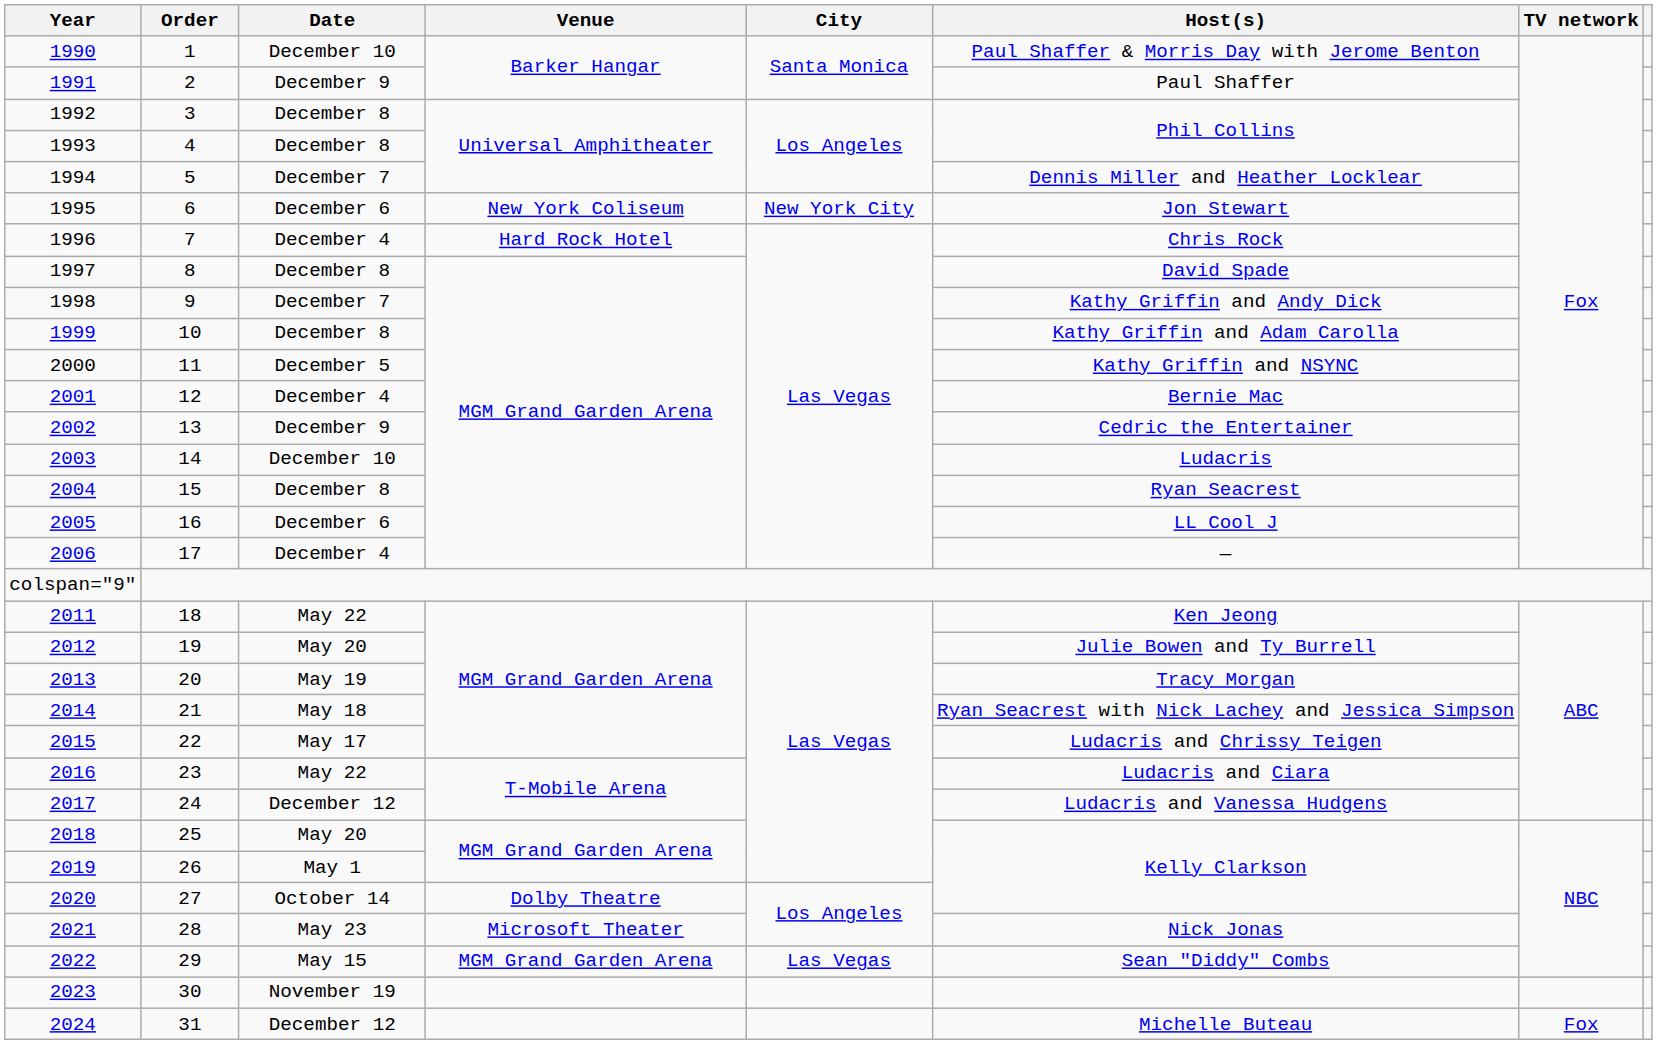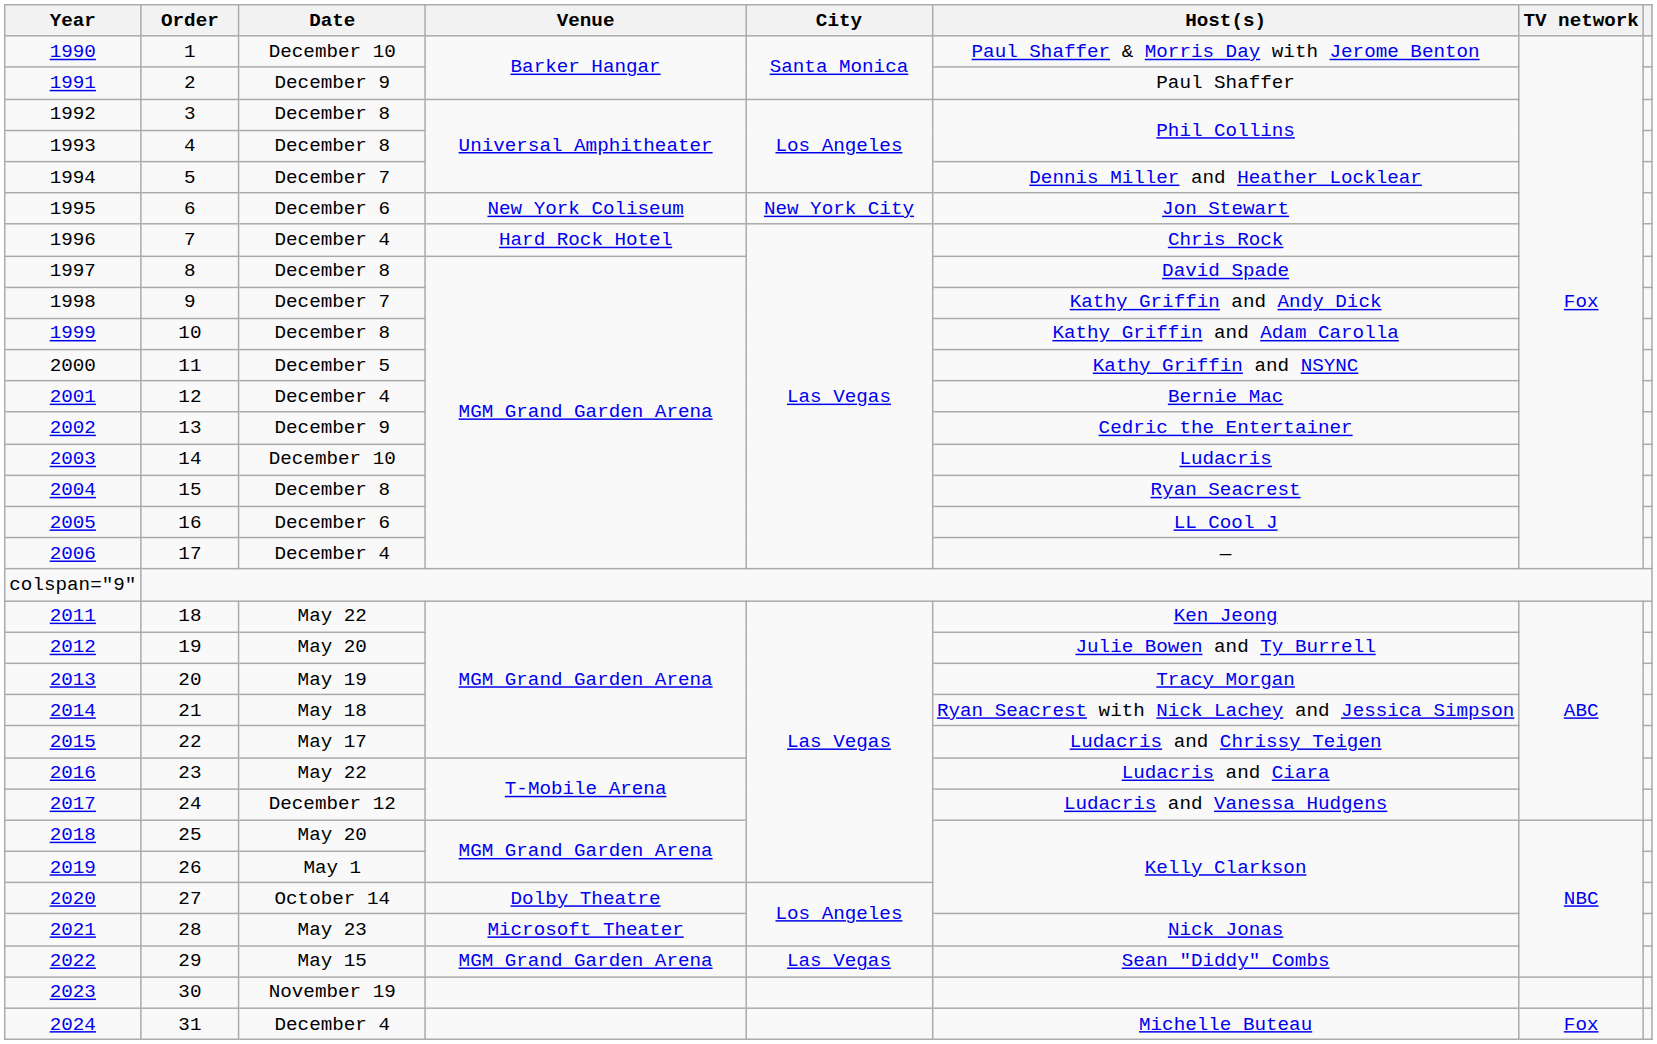 <table class="wikitable" style="text-align:center">
 <tr>
 <th width=60>Year</th>
 <th width=60>Order</th>
 <th width=120>Date</th>
 <th width=210>Venue</th>
 <th width=120>City</th>
 <th>Host(s)</th>
 <th>TV network</th>
 <th></th>
 </tr>
 <tr>
 <td><a href='#'>1990</a></td>
 <td>1</td>
 <td>December 10</td>
 <td rowspan="2"><a href='#'>Barker Hangar</a></td>
 <td rowspan="2"><a href='#'>Santa Monica</a></td>
 <td><a href='#'>Paul Shaffer</a> & <a href='#'>Morris Day</a> with <a href='#'>Jerome Benton</a></td>
 <td rowspan="17"><a href='#'>Fox</a></td>
 <td></td>
 </tr>
 <tr>
 <td><a href='#'>1991</a></td>
 <td>2</td>
 <td>December 9</td>
 <td>Paul Shaffer</td>
 <td></td>
 </tr>
 <tr>
 <td>1992</td>
 <td>3</td>
 <td>December 8</td>
 <td rowspan="3"><a href='#'>Universal Amphitheater</a></td>
 <td rowspan="3"><a href='#'>Los Angeles</a></td>
 <td rowspan="2"><a href='#'>Phil Collins</a></td>
 <td></td>
 </tr>
 <tr>
 <td>1993</td>
 <td>4</td>
 <td>December 8</td>
 <td></td>
 </tr>
 <tr>
 <td>1994</td>
 <td>5</td>
 <td>December 7</td>
 <td><a href='#'>Dennis Miller</a> and <a href='#'>Heather Locklear</a></td>
 <td></td>
 </tr>
 <tr>
 <td>1995</td>
 <td>6</td>
 <td>December 6</td>
 <td><a href='#'>New York Coliseum</a></td>
 <td><a href='#'>New York City</a></td>
 <td><a href='#'>Jon Stewart</a></td>
 <td></td>
 </tr>
 <tr>
 <td>1996</td>
 <td>7</td>
 <td>December 4</td>
 <td><a href='#'>Hard Rock Hotel</a></td>
 <td rowspan="11"><a href='#'>Las Vegas</a></td>
 <td><a href='#'>Chris Rock</a></td>
 <td></td>
 </tr>
 <tr>
 <td>1997</td>
 <td>8</td>
 <td>December 8</td>
 <td rowspan="10"><a href='#'>MGM Grand Garden Arena</a></td>
 <td><a href='#'>David Spade</a></td>
 <td></td>
 </tr>
 <tr>
 <td>1998</td>
 <td>9</td>
 <td>December 7</td>
 <td><a href='#'>Kathy Griffin</a> and <a href='#'>Andy Dick</a></td>
 <td></td>
 </tr>
 <tr>
 <td><a href='#'>1999</a></td>
 <td>10</td>
 <td>December 8</td>
 <td><a href='#'>Kathy Griffin</a> and <a href='#'>Adam Carolla</a></td>
 <td></td>
 </tr>
 <tr>
 <td>2000</td>
 <td>11</td>
 <td>December 5</td>
 <td><a href='#'>Kathy Griffin</a> and <a href='#'>NSYNC</a></td>
 <td></td>
 </tr>
 <tr>
 <td><a href='#'>2001</a></td>
 <td>12</td>
 <td>December 4</td>
 <td><a href='#'>Bernie Mac</a></td>
 <td></td>
 </tr>
 <tr>
 <td><a href='#'>2002</a></td>
 <td>13</td>
 <td>December 9</td>
 <td><a href='#'>Cedric the Entertainer</a></td>
 <td></td>
 </tr>
 <tr>
 <td><a href='#'>2003</a></td>
 <td>14</td>
 <td>December 10</td>
 <td><a href='#'>Ludacris</a></td>
 <td></td>
 </tr>
 <tr>
 <td><a href='#'>2004</a></td>
 <td>15</td>
 <td>December 8</td>
 <td><a href='#'>Ryan Seacrest</a></td>
 <td></td>
 </tr>
 <tr>
 <td><a href='#'>2005</a></td>
 <td>16</td>
 <td>December 6</td>
 <td><a href='#'>LL Cool J</a></td>
 <td></td>
 </tr>
 <tr>
 <td><a href='#'>2006</a></td>
 <td>17</td>
 <td>December 4</td>
 <td>—</td>
 <td></td>
 </tr>
 <tr>
 <td>colspan="9" </td>
 </tr>
 <tr>
 <td><a href='#'>2011</a></td>
 <td>18</td>
 <td>May 22</td>
 <td rowspan="5"><a href='#'>MGM Grand Garden Arena</a></td>
 <td rowspan="9"><a href='#'>Las Vegas</a></td>
 <td><a href='#'>Ken Jeong</a></td>
 <td rowspan="7"><a href='#'>ABC</a></td>
 <td></td>
 </tr>
 <tr>
 <td><a href='#'>2012</a></td>
 <td>19</td>
 <td>May 20</td>
 <td><a href='#'>Julie Bowen</a> and <a href='#'>Ty Burrell</a></td>
 <td></td>
 </tr>
 <tr>
 <td><a href='#'>2013</a></td>
 <td>20</td>
 <td>May 19</td>
 <td><a href='#'>Tracy Morgan</a></td>
 <td></td>
 </tr>
 <tr>
 <td><a href='#'>2014</a></td>
 <td>21</td>
 <td>May 18</td>
 <td><a href='#'>Ryan Seacrest</a> with <a href='#'>Nick Lachey</a> and <a href='#'>Jessica Simpson</a></td>
 <td></td>
 </tr>
 <tr>
 <td><a href='#'>2015</a></td>
 <td>22</td>
 <td>May 17</td>
 <td><a href='#'>Ludacris</a> and <a href='#'>Chrissy Teigen</a></td>
 <td></td>
 </tr>
 <tr>
 <td><a href='#'>2016</a></td>
 <td>23</td>
 <td>May 22</td>
 <td rowspan="2"><a href='#'>T-Mobile Arena</a></td>
 <td><a href='#'>Ludacris</a> and <a href='#'>Ciara</a></td>
 <td></td>
 </tr>
 <tr>
 <td><a href='#'>2017</a></td>
 <td>24</td>
 <td>December 12</td>
 <td><a href='#'>Ludacris</a> and <a href='#'>Vanessa Hudgens</a></td>
 <td></td>
 </tr>
 <tr>
 <td><a href='#'>2018</a></td>
 <td>25</td>
 <td>May 20</td>
 <td rowspan="2"><a href='#'>MGM Grand Garden Arena</a></td>
 <td rowspan="3"><a href='#'>Kelly Clarkson</a></td>
 <td rowspan="5"><a href='#'>NBC</a></td>
 <td></td>
 </tr>
 <tr>
 <td><a href='#'>2019</a></td>
 <td>26</td>
 <td>May 1</td>
 <td></td>
 </tr>
 <tr>
 <td><a href='#'>2020</a></td>
 <td>27</td>
 <td>October 14</td>
 <td><a href='#'>Dolby Theatre</a></td>
 <td rowspan="2"><a href='#'>Los Angeles</a></td>
 <td></td>
 </tr>
 <tr>
 <td><a href='#'>2021</a></td>
 <td>28</td>
 <td>May 23</td>
 <td><a href='#'>Microsoft Theater</a></td>
 <td><a href='#'>Nick Jonas</a></td>
 <td></td>
 </tr>
 <tr>
 <td><a href='#'>2022</a></td>
 <td>29</td>
 <td>May 15</td>
 <td><a href='#'>MGM Grand Garden Arena</a></td>
 <td><a href='#'>Las Vegas</a></td>
 <td><a href='#'>Sean "Diddy" Combs</a></td>
 <td></td>
 </tr>
 <tr>
 <td><a href='#'>2023</a></td>
 <td>30</td>
 <td>November 19</td>
 <td></td>
 <td></td>
 <td></td>
 <td></td>
 <td></td>
 </tr>
 <tr>
 <td><a href='#'>2024</a></td>
 <td>31</td>
-<td>December 12</td>
+<td>December 4</td>
 <td></td>
 <td></td>
 <td><a href='#'>Michelle Buteau</a></td>
 <td><a href='#'>Fox</a></td>
 <td></td>
 </tr>
 </table>
